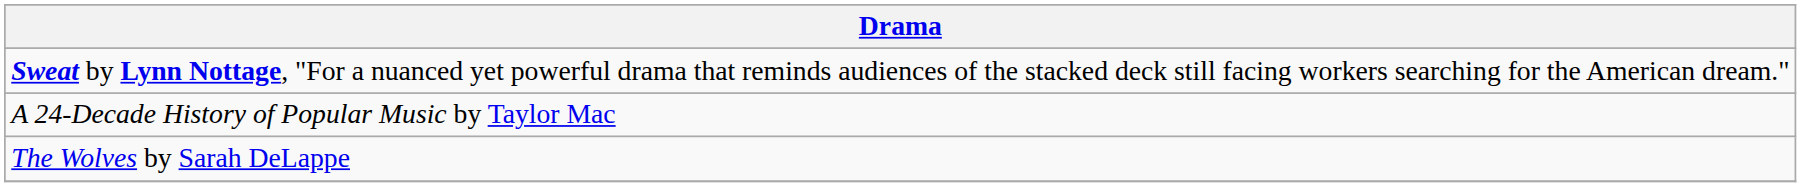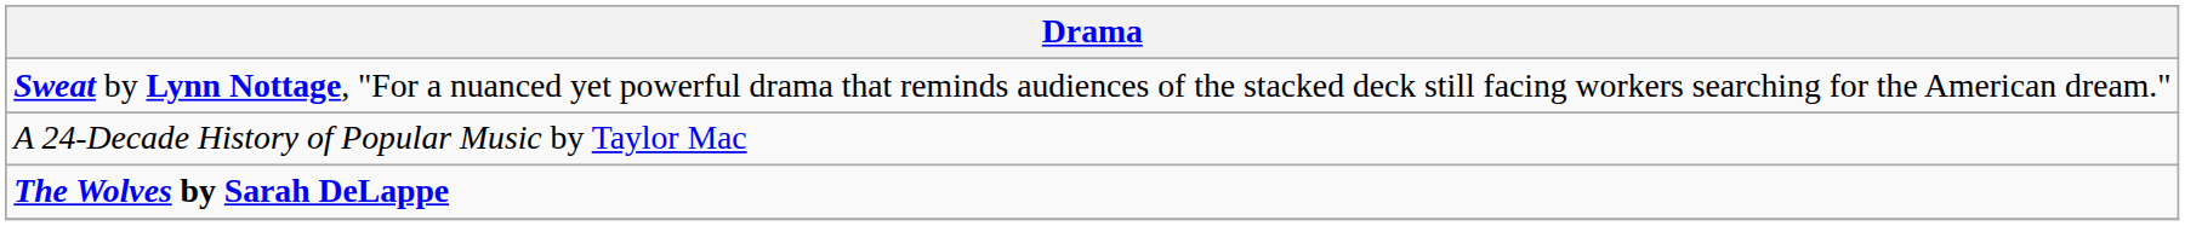 <table class="wikitable" style="float:left; float:none;">
 <tr>
 <th><a href='#'>Drama</a></th>
 </tr>
 <tr>
 <td><strong><em><a href='#'>Sweat</a></em></strong> by <strong><a href='#'>Lynn Nottage</a></strong>, "For a nuanced yet powerful drama that reminds audiences of the stacked deck still facing workers searching for the American dream."</td>
 </tr>
 <tr>
 <td><em>A 24-Decade History of Popular Music</em> by <a href='#'>Taylor Mac</a></td>
 </tr>
 <tr>
-<td><em><a href='#'>The Wolves</a></em> by <a href='#'>Sarah DeLappe</a></td>
+<td><strong><em><a href='#'>The Wolves</a></em> by <a href='#'>Sarah DeLappe</a></strong></td>
 </tr>
 <tr>
 </tr>
 </table>
